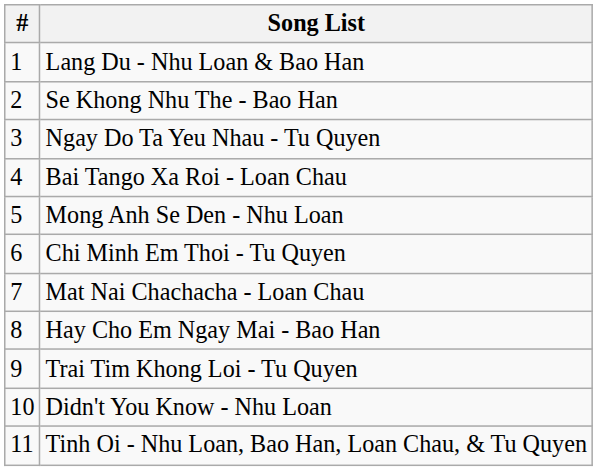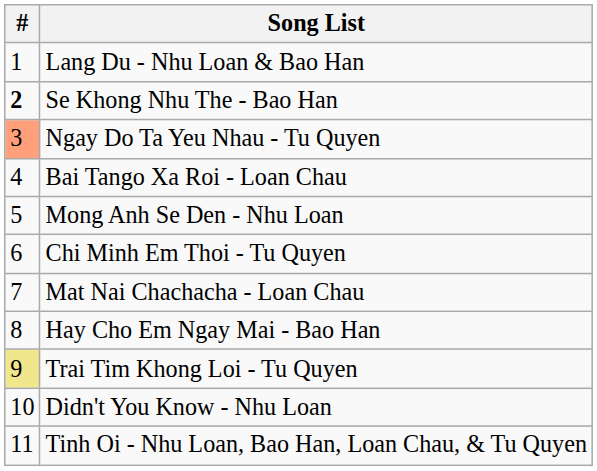 <table class="wikitable">
 <tr>
 <th>#</th>
 <th>Song List</th>
 </tr>
 <tr>
 <td>1</td>
 <td>Lang Du - Nhu Loan & Bao Han</td>
 </tr>
 <tr>
-<td>2</td>
+<td><strong>2</strong></td>
 <td>Se Khong Nhu The - Bao Han</td>
 </tr>
 <tr>
-<td>3</td>
+<td style="background: lightsalmon;">3</td>
 <td>Ngay Do Ta Yeu Nhau - Tu Quyen</td>
 </tr>
 <tr>
 <td>4</td>
 <td>Bai Tango Xa Roi - Loan Chau</td>
 </tr>
 <tr>
 <td>5</td>
 <td>Mong Anh Se Den - Nhu Loan</td>
 </tr>
 <tr>
 <td>6</td>
 <td>Chi Minh Em Thoi - Tu Quyen</td>
 </tr>
 <tr>
 <td>7</td>
 <td>Mat Nai Chachacha - Loan Chau</td>
 </tr>
 <tr>
 <td>8</td>
 <td>Hay Cho Em Ngay Mai - Bao Han</td>
 </tr>
 <tr>
-<td>9</td>
+<td style="background: khaki;">9</td>
 <td>Trai Tim Khong Loi - Tu Quyen</td>
 </tr>
 <tr>
 <td>10</td>
 <td>Didn't You Know - Nhu Loan</td>
 </tr>
 <tr>
 <td>11</td>
 <td>Tinh Oi - Nhu Loan, Bao Han, Loan Chau, & Tu Quyen</td>
 </tr>
 </table>
